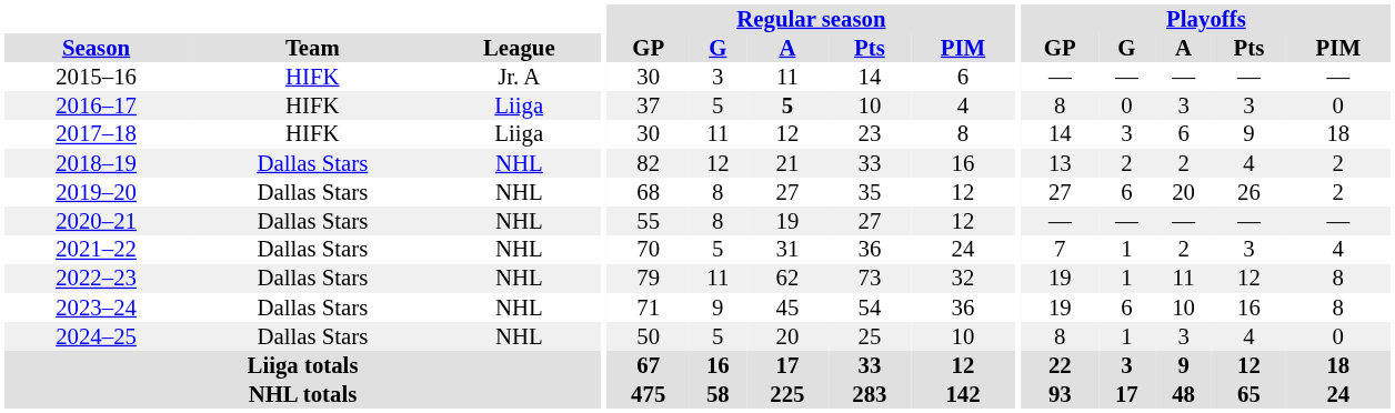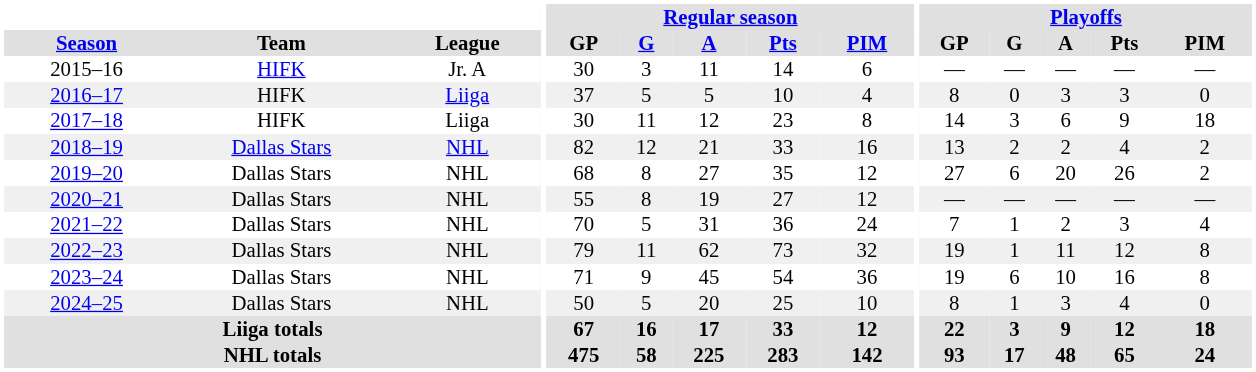 <table border="0" cellpadding="1" cellspacing="0" style="text-align:center; width:60em;">
 <tr bgcolor="#e0e0e0">
 <th colspan="3" bgcolor="#ffffff"></th>
 <th rowspan="99" bgcolor="#ffffff"></th>
 <th colspan="5"><a href='#'>Regular season</a></th>
 <th rowspan="99" bgcolor="#ffffff"></th>
 <th colspan="5"><a href='#'>Playoffs</a></th>
 </tr>
 <tr bgcolor="#e0e0e0">
 <th><a href='#'>Season</a></th>
 <th>Team</th>
 <th>League</th>
 <th>GP</th>
 <th><a href='#'>G</a></th>
 <th><a href='#'>A</a></th>
 <th><a href='#'>Pts</a></th>
 <th><a href='#'>PIM</a></th>
 <th>GP</th>
 <th>G</th>
 <th>A</th>
 <th>Pts</th>
 <th>PIM</th>
 </tr>
 <tr>
 <td>2015–16</td>
 <td><a href='#'>HIFK</a></td>
 <td>Jr. A</td>
 <td>30</td>
 <td>3</td>
 <td>11</td>
 <td>14</td>
 <td>6</td>
 <td>—</td>
 <td>—</td>
 <td>—</td>
 <td>—</td>
 <td>—</td>
 </tr>
 <tr bgcolor="#f0f0f0">
 <td><a href='#'>2016–17</a></td>
 <td>HIFK</td>
 <td><a href='#'>Liiga</a></td>
 <td>37</td>
 <td>5</td>
-<td><strong>5</strong></td>
+<td>5</td>
 <td>10</td>
 <td>4</td>
 <td>8</td>
 <td>0</td>
 <td>3</td>
 <td>3</td>
 <td>0</td>
 </tr>
 <tr>
 <td><a href='#'>2017–18</a></td>
 <td>HIFK</td>
 <td>Liiga</td>
 <td>30</td>
 <td>11</td>
 <td>12</td>
 <td>23</td>
 <td>8</td>
 <td>14</td>
 <td>3</td>
 <td>6</td>
 <td>9</td>
 <td>18</td>
 </tr>
 <tr bgcolor="#f0f0f0">
 <td><a href='#'>2018–19</a></td>
 <td><a href='#'>Dallas Stars</a></td>
 <td><a href='#'>NHL</a></td>
 <td>82</td>
 <td>12</td>
 <td>21</td>
 <td>33</td>
 <td>16</td>
 <td>13</td>
 <td>2</td>
 <td>2</td>
 <td>4</td>
 <td>2</td>
 </tr>
 <tr>
 <td><a href='#'>2019–20</a></td>
 <td>Dallas Stars</td>
 <td>NHL</td>
 <td>68</td>
 <td>8</td>
 <td>27</td>
 <td>35</td>
 <td>12</td>
 <td>27</td>
 <td>6</td>
 <td>20</td>
 <td>26</td>
 <td>2</td>
 </tr>
 <tr bgcolor="#f0f0f0">
 <td><a href='#'>2020–21</a></td>
 <td>Dallas Stars</td>
 <td>NHL</td>
 <td>55</td>
 <td>8</td>
 <td>19</td>
 <td>27</td>
 <td>12</td>
 <td>—</td>
 <td>—</td>
 <td>—</td>
 <td>—</td>
 <td>—</td>
 </tr>
 <tr>
 <td><a href='#'>2021–22</a></td>
 <td>Dallas Stars</td>
 <td>NHL</td>
 <td>70</td>
 <td>5</td>
 <td>31</td>
 <td>36</td>
 <td>24</td>
 <td>7</td>
 <td>1</td>
 <td>2</td>
 <td>3</td>
 <td>4</td>
 </tr>
 <tr bgcolor="#f0f0f0">
 <td><a href='#'>2022–23</a></td>
 <td>Dallas Stars</td>
 <td>NHL</td>
 <td>79</td>
 <td>11</td>
 <td>62</td>
 <td>73</td>
 <td>32</td>
 <td>19</td>
 <td>1</td>
 <td>11</td>
 <td>12</td>
 <td>8</td>
 </tr>
 <tr>
 <td><a href='#'>2023–24</a></td>
 <td>Dallas Stars</td>
 <td>NHL</td>
 <td>71</td>
 <td>9</td>
 <td>45</td>
 <td>54</td>
 <td>36</td>
 <td>19</td>
 <td>6</td>
 <td>10</td>
 <td>16</td>
 <td>8</td>
 </tr>
 <tr bgcolor="#f0f0f0">
 <td><a href='#'>2024–25</a></td>
 <td>Dallas Stars</td>
 <td>NHL</td>
 <td>50</td>
 <td>5</td>
 <td>20</td>
 <td>25</td>
 <td>10</td>
 <td>8</td>
 <td>1</td>
 <td>3</td>
 <td>4</td>
 <td>0</td>
 </tr>
 <tr bgcolor="#e0e0e0">
 <th colspan="3">Liiga totals</th>
 <th>67</th>
 <th>16</th>
 <th>17</th>
 <th>33</th>
 <th>12</th>
 <th>22</th>
 <th>3</th>
 <th>9</th>
 <th>12</th>
 <th>18</th>
 </tr>
 <tr bgcolor="#e0e0e0">
 <th colspan="3">NHL totals</th>
 <th>475</th>
 <th>58</th>
 <th>225</th>
 <th>283</th>
 <th>142</th>
 <th>93</th>
 <th>17</th>
 <th>48</th>
 <th>65</th>
 <th>24</th>
 </tr>
 </table>
